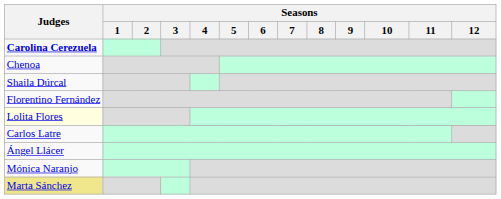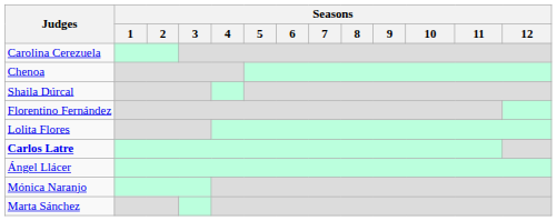 <table class="wikitable plainrowheaders" style="text-align:left">
 <tr>
 <th rowspan="2" width="20%" scope="col">Judges</th>
 <th colspan="12">Seasons</th>
 </tr>
 <tr>
 <th>1</th>
 <th>2</th>
 <th>3</th>
 <th>4</th>
 <th>5</th>
 <th>6</th>
 <th>7</th>
 <th>8</th>
 <th>9</th>
 <th>10</th>
 <th>11</th>
 <th>12</th>
 </tr>
 <tr>
-<td><strong><a href='#'>Carolina Cerezuela</a></strong></td>
+<td><a href='#'>Carolina Cerezuela</a></td>
 <td colspan="2" bgcolor="#bfd "></td>
 <td colspan="10" bgcolor="#DCDCDC"></td>
 </tr>
 <tr>
 <td><a href='#'>Chenoa</a></td>
 <td colspan="4" bgcolor="#DCDCDC"></td>
 <td colspan="8" bgcolor="#bfd "></td>
 </tr>
 <tr>
 <td><a href='#'>Shaila Dúrcal</a></td>
 <td colspan="3" bgcolor="#DCDCDC"></td>
 <td bgcolor="#bfd "></td>
 <td colspan="8" bgcolor="#DCDCDC"></td>
 </tr>
 <tr>
 <td><a href='#'>Florentino Fernández</a></td>
 <td colspan="11" bgcolor="#DCDCDC"></td>
 <td bgcolor="#bfd"></td>
 </tr>
 <tr>
-<td style="background: lightyellow;"><a href='#'>Lolita Flores</a></td>
+<td><a href='#'>Lolita Flores</a></td>
 <td colspan="3" bgcolor="#DCDCDC"></td>
 <td colspan="9" bgcolor="#bfd"></td>
 </tr>
 <tr>
-<td><a href='#'>Carlos Latre</a></td>
+<td><strong><a href='#'>Carlos Latre</a></strong></td>
 <td colspan="11" bgcolor="#bfd "></td>
 <td bgcolor="#DCDCDC"></td>
 </tr>
 <tr>
 <td><a href='#'>Ángel Llácer</a></td>
 <td colspan="12" bgcolor="#bfd"></td>
 </tr>
 <tr>
 <td><a href='#'>Mónica Naranjo</a></td>
 <td colspan="3" bgcolor="#bfd "></td>
 <td colspan="9" bgcolor="#DCDCDC"></td>
 </tr>
 <tr>
-<td style="background: khaki;"><a href='#'>Marta Sánchez</a></td>
+<td><a href='#'>Marta Sánchez</a></td>
 <td colspan="2" bgcolor="#DCDCDC"></td>
 <td bgcolor="#bfd "></td>
 <td colspan="9" bgcolor="#DCDCDC"></td>
 </tr>
 </table>
